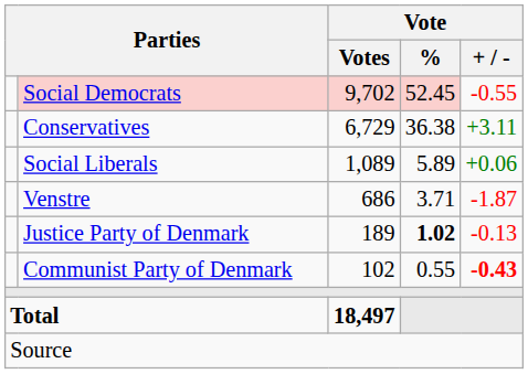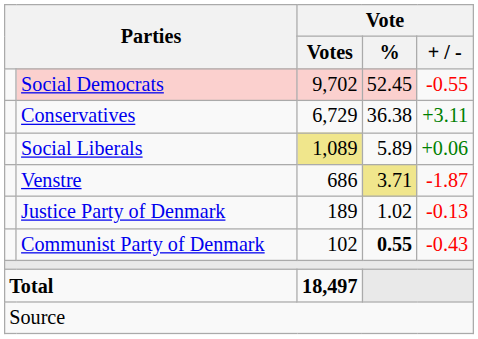 <table class="wikitable" style="text-align:right;">
 <tr>
 <th style="text-align:centre;" rowspan="2" colspan="2" width="225">Parties</th>
 <th colspan="3">Vote</th>
 </tr>
 <tr>
 <th width="15">Votes</th>
 <th width="15">%</th>
 <th width="15">+ / -</th>
 </tr>
 <tr>
 <td width="2" style="color:inherit;background:"></td>
 <td bgcolor=#fbd0ce  align="left"><a href='#'>Social Democrats</a></td>
 <td bgcolor=#fbd0ce>9,702</td>
 <td bgcolor=#fbd0ce>52.45</td>
 <td style=color:red;>-0.55</td>
 </tr>
 <tr>
 <td width="2" style="color:inherit;background:"></td>
 <td align="left"><a href='#'>Conservatives</a></td>
 <td>6,729</td>
 <td>36.38</td>
 <td style=color:green;>+3.11</td>
 </tr>
 <tr>
 <td width="2" style="color:inherit;background:"></td>
 <td align="left"><a href='#'>Social Liberals</a></td>
-<td>1,089</td>
+<td style="background: khaki;">1,089</td>
 <td>5.89</td>
 <td style=color:green;>+0.06</td>
 </tr>
 <tr>
 <td width="2" style="color:inherit;background:"></td>
 <td align="left"><a href='#'>Venstre</a></td>
 <td>686</td>
-<td>3.71</td>
+<td style="background: khaki;">3.71</td>
 <td style=color:red;>-1.87</td>
 </tr>
 <tr>
 <td width="2" style="color:inherit;background:"></td>
 <td align="left"><a href='#'>Justice Party of Denmark</a></td>
 <td>189</td>
-<td><strong>1.02</strong></td>
+<td>1.02</td>
 <td style=color:red;>-0.13</td>
 </tr>
 <tr>
 <td width="2" style="color:inherit;background:"></td>
 <td align="left"><a href='#'>Communist Party of Denmark</a></td>
 <td>102</td>
-<td>0.55</td>
-<td style=color:red;><strong>-0.43</strong></td>
+<td><strong>0.55</strong></td>
+<td style=color:red;>-0.43</td>
 </tr>
 <tr>
 <td colspan="7" bgcolor="#E9E9E9"></td>
 </tr>
 <tr>
 <td align="left" colspan="2"><strong>Total</strong></td>
 <td><strong>18,497</strong></td>
 <td bgcolor="#E9E9E9" colspan="2"></td>
 </tr>
 <tr>
 <td align="left" colspan="6">Source</td>
 </tr>
 </table>
